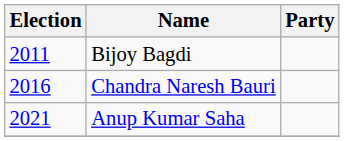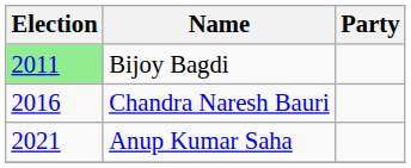 <table - class="wikitable sortable">
 <tr>
 <th>Election</th>
 <th>Name</th>
 <th colspan=2>Party</th>
 </tr>
 <tr>
-<td><a href='#'>2011</a></td>
+<td style="background: lightgreen;"><a href='#'>2011</a></td>
 <td>Bijoy Bagdi</td>
 <td></td>
 </tr>
 <tr>
 <td><a href='#'>2016</a></td>
 <td><a href='#'>Chandra Naresh Bauri</a></td>
 <td></td>
 </tr>
 <tr>
 <td><a href='#'>2021</a></td>
 <td><a href='#'>Anup Kumar Saha</a></td>
 <td></td>
 </tr>
 <tr>
 </tr>
 </table>
